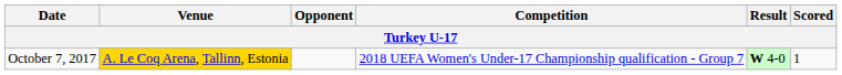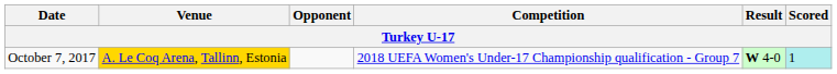 <table class=wikitable>
 <tr>
 <th>Date</th>
 <th>Venue</th>
 <th>Opponent</th>
 <th>Competition</th>
 <th>Result</th>
 <th>Scored</th>
 </tr>
 <tr>
 <th colspan=6><a href='#'>Turkey U-17</a></th>
 </tr>
 <tr>
 <td>October 7, 2017</td>
 <td style="background: gold;"><a href='#'>A. Le Coq Arena</a>, <a href='#'>Tallinn</a>, Estonia</td>
 <td></td>
 <td><a href='#'>2018 UEFA Women's Under-17 Championship qualification - Group 7</a></td>
 <td bgcolor=#cfc><strong>W</strong> 4-0</td>
-<td>1</td>
+<td style="background: paleturquoise;">1</td>
 </tr>
 </table>
